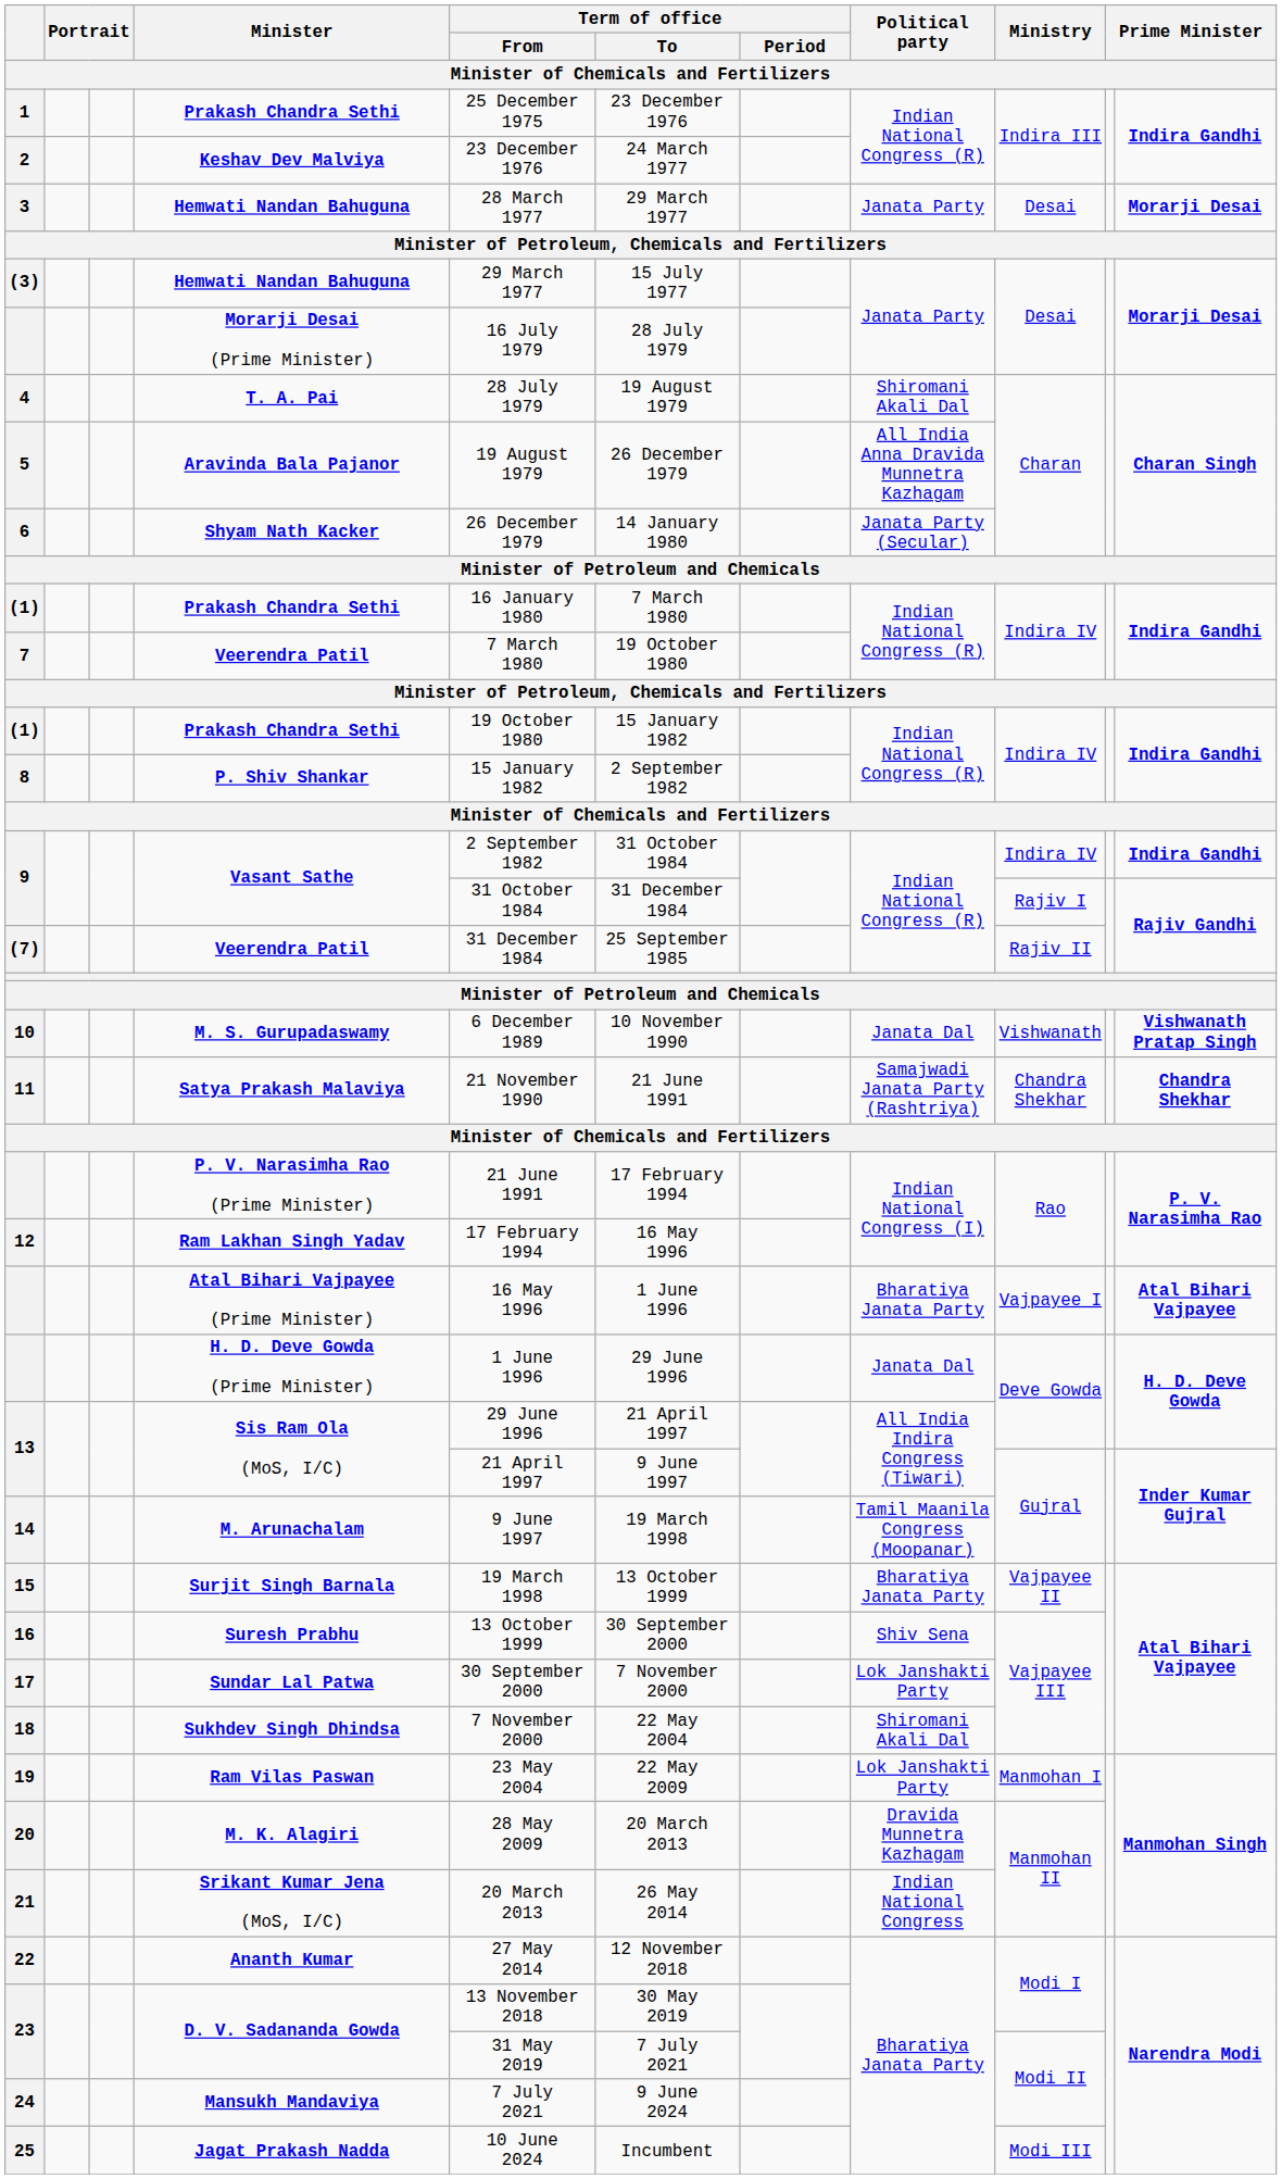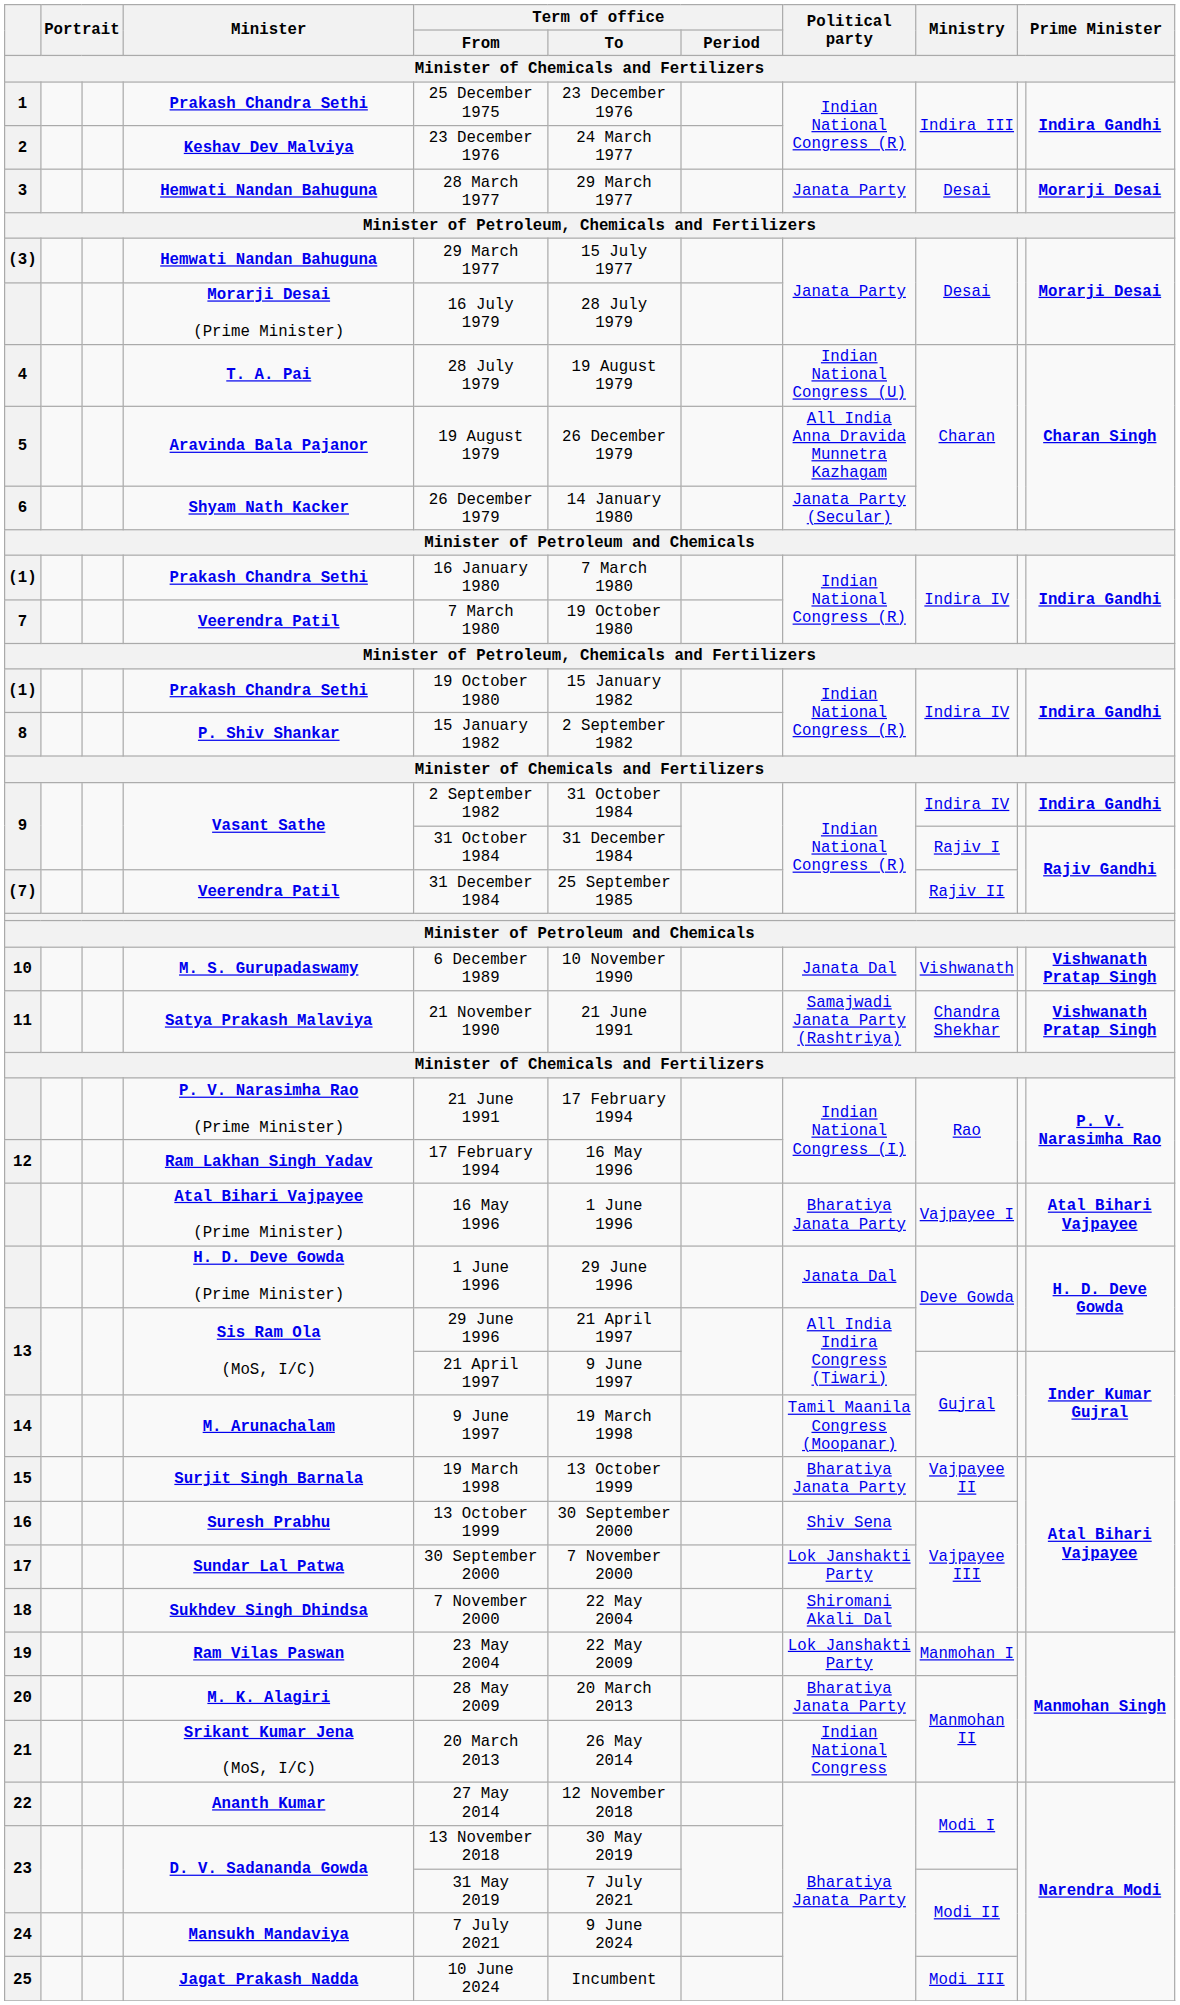 <table class="wikitable" style="text-align:center">
 <tr>
 <th rowspan="2"></th>
 <th rowspan="2" colspan="2">Portrait</th>
 <th rowspan="2" style="width:18em">Minister<br></th>
 <th colspan="3">Term of office</th>
 <th rowspan="2" style="width:8em">Political party</th>
 <th rowspan="2" style="width:6em">Ministry</th>
 <th rowspan="2" colspan="2">Prime Minister</th>
 </tr>
 <tr>
 <th style="width:8em">From</th>
 <th style="width:8em">To</th>
 <th style="width:6em">Period</th>
 </tr>
 <tr>
 <th colspan="11">Minister of Chemicals and Fertilizers</th>
 </tr>
 <tr>
 <th>1</th>
 <td></td>
 <td></td>
 <td><strong><a href='#'>Prakash Chandra Sethi</a></strong><br></td>
 <td>25 December<br>1975</td>
 <td>23 December<br>1976</td>
 <td><strong></strong></td>
 <td rowspan="2"><a href='#'>Indian National Congress (R)</a></td>
 <td rowspan="2"><a href='#'>Indira III</a></td>
 <td rowspan="2"></td>
 <td rowspan="2"><strong><a href='#'>Indira Gandhi</a></strong></td>
 </tr>
 <tr>
 <th>2</th>
 <td></td>
 <td></td>
 <td><strong><a href='#'>Keshav Dev Malviya</a></strong><br></td>
 <td>23 December<br>1976</td>
 <td>24 March<br>1977</td>
 <td><strong></strong></td>
 </tr>
 <tr>
 <th>3</th>
 <td></td>
 <td></td>
 <td><strong><a href='#'>Hemwati Nandan Bahuguna</a></strong><br></td>
 <td>28 March<br>1977</td>
 <td>29 March<br>1977</td>
 <td><strong></strong></td>
 <td><a href='#'>Janata Party</a></td>
 <td><a href='#'>Desai</a></td>
 <td></td>
 <td style="width:9em"><strong><a href='#'>Morarji Desai</a></strong></td>
 </tr>
 <tr>
 <th colspan="11">Minister of Petroleum, Chemicals and Fertilizers</th>
 </tr>
 <tr>
 <th>(3)</th>
 <td></td>
 <td></td>
 <td><strong><a href='#'>Hemwati Nandan Bahuguna</a></strong><br></td>
 <td>29 March<br>1977</td>
 <td>15 July<br>1977</td>
 <td><strong></strong></td>
 <td rowspan="2"><a href='#'>Janata Party</a></td>
 <td rowspan="2"><a href='#'>Desai</a></td>
 <td rowspan="2"></td>
 <td rowspan="2"><strong><a href='#'>Morarji Desai</a></strong></td>
 </tr>
 <tr>
 <th></th>
 <td style="background:"></td>
 <td></td>
 <td><strong><a href='#'>Morarji Desai</a></strong><br><br>(Prime Minister)</td>
 <td>16 July<br>1979</td>
 <td>28 July<br>1979</td>
 <td><strong></strong></td>
 </tr>
 <tr>
 <th>4</th>
 <td></td>
 <td></td>
 <td><strong><a href='#'>T. A. Pai</a></strong><br></td>
 <td>28 July<br>1979</td>
 <td>19 August<br>1979</td>
 <td><strong></strong></td>
-<td><a href='#'>Shiromani Akali Dal</a></td>
+<td><a href='#'>Indian National Congress (U)</a></td>
 <td rowspan="3"><a href='#'>Charan</a></td>
 <td rowspan="3"></td>
 <td rowspan="3"><strong><a href='#'>Charan Singh</a></strong></td>
 </tr>
 <tr>
 <th>5</th>
 <td></td>
 <td></td>
 <td><strong><a href='#'>Aravinda Bala Pajanor</a></strong><br></td>
 <td>19 August<br>1979</td>
 <td>26 December<br>1979</td>
 <td><strong></strong></td>
 <td><a href='#'>All India Anna Dravida Munnetra Kazhagam</a></td>
 </tr>
 <tr>
 <th>6</th>
 <td></td>
 <td></td>
 <td><strong><a href='#'>Shyam Nath Kacker</a></strong><br></td>
 <td>26 December<br>1979</td>
 <td>14 January<br>1980</td>
 <td><strong></strong></td>
 <td><a href='#'>Janata Party (Secular)</a></td>
 </tr>
 <tr>
 <th colspan="11">Minister of Petroleum and Chemicals</th>
 </tr>
 <tr>
 <th>(1)</th>
 <td></td>
 <td></td>
 <td><strong><a href='#'>Prakash Chandra Sethi</a></strong><br></td>
 <td>16 January<br>1980</td>
 <td>7 March<br>1980</td>
 <td><strong></strong></td>
 <td rowspan="2"><a href='#'>Indian National Congress (R)</a></td>
 <td rowspan="2"><a href='#'>Indira IV</a></td>
 <td rowspan="2"></td>
 <td rowspan="2"><strong><a href='#'>Indira Gandhi</a></strong></td>
 </tr>
 <tr>
 <th>7</th>
 <td></td>
 <td></td>
 <td><strong><a href='#'>Veerendra Patil</a></strong><br></td>
 <td>7 March<br>1980</td>
 <td>19 October<br>1980</td>
 <td><strong></strong></td>
 </tr>
 <tr>
 <th colspan="11">Minister of Petroleum, Chemicals and Fertilizers</th>
 </tr>
 <tr>
 <th>(1)</th>
 <td></td>
 <td></td>
 <td><strong><a href='#'>Prakash Chandra Sethi</a></strong><br></td>
 <td>19 October<br>1980</td>
 <td>15 January<br>1982</td>
 <td><strong></strong></td>
 <td rowspan="2"><a href='#'>Indian National Congress (R)</a></td>
 <td rowspan="2"><a href='#'>Indira IV</a></td>
 <td rowspan="2"></td>
 <td rowspan="2"><strong><a href='#'>Indira Gandhi</a></strong></td>
 </tr>
 <tr>
 <th>8</th>
 <td></td>
 <td></td>
 <td><strong><a href='#'>P. Shiv Shankar</a></strong><br></td>
 <td>15 January<br>1982</td>
 <td>2 September<br>1982</td>
 <td><strong></strong></td>
 </tr>
 <tr>
 <th colspan="11">Minister of Chemicals and Fertilizers</th>
 </tr>
 <tr>
 <th rowspan="2">9</th>
 <td rowspan="2"></td>
 <td rowspan="2"></td>
 <td rowspan="2"><strong><a href='#'>Vasant Sathe</a></strong><br></td>
 <td>2 September<br>1982</td>
 <td>31 October<br>1984</td>
 <td rowspan="2"><strong></strong></td>
 <td rowspan="3"><a href='#'>Indian National Congress (R)</a></td>
 <td><a href='#'>Indira IV</a></td>
 <td></td>
 <td><strong><a href='#'>Indira Gandhi</a></strong></td>
 </tr>
 <tr>
 <td>31 October<br>1984</td>
 <td>31 December<br>1984</td>
 <td><a href='#'>Rajiv I</a></td>
 <td rowspan="2"></td>
 <td rowspan="2"><strong><a href='#'>Rajiv Gandhi</a></strong></td>
 </tr>
 <tr>
 <th>(7)</th>
 <td></td>
 <td></td>
 <td><strong><a href='#'>Veerendra Patil</a></strong><br></td>
 <td>31 December<br>1984</td>
 <td>25 September<br>1985</td>
 <td><strong></strong></td>
 <td><a href='#'>Rajiv II</a></td>
 </tr>
 <tr>
 <th colspan="11"></th>
 </tr>
 <tr>
 <th colspan="11">Minister of Petroleum and Chemicals</th>
 </tr>
 <tr>
 <th>10</th>
 <td></td>
 <td></td>
 <td><strong><a href='#'>M. S. Gurupadaswamy</a></strong><br></td>
 <td>6 December<br>1989</td>
 <td>10 November<br>1990</td>
 <td><strong></strong></td>
 <td><a href='#'>Janata Dal</a></td>
 <td><a href='#'>Vishwanath</a></td>
 <td></td>
 <td><strong><a href='#'>Vishwanath Pratap Singh</a></strong></td>
 </tr>
 <tr>
 <th>11</th>
 <td></td>
 <td></td>
 <td><strong><a href='#'>Satya Prakash Malaviya</a></strong><br></td>
 <td>21 November<br>1990</td>
 <td>21 June<br>1991</td>
 <td><strong></strong></td>
 <td><a href='#'>Samajwadi Janata Party (Rashtriya)</a></td>
 <td><a href='#'>Chandra Shekhar</a></td>
 <td></td>
-<td><strong><a href='#'>Chandra Shekhar</a></strong></td>
+<td><strong><a href='#'>Vishwanath Pratap Singh</a></strong></td>
 </tr>
 <tr>
 <th colspan="11">Minister of Chemicals and Fertilizers</th>
 </tr>
 <tr>
 <th></th>
 <td></td>
 <td></td>
 <td><strong><a href='#'>P. V. Narasimha Rao</a></strong><br><br>(Prime Minister)</td>
 <td>21 June<br>1991</td>
 <td>17 February<br>1994</td>
 <td><strong></strong></td>
 <td rowspan="2"><a href='#'>Indian National Congress (I)</a></td>
 <td rowspan="2"><a href='#'>Rao</a></td>
 <td rowspan="2"></td>
 <td rowspan="2"><strong><a href='#'>P. V. Narasimha Rao</a></strong></td>
 </tr>
 <tr>
 <th>12</th>
 <td></td>
 <td></td>
 <td><strong><a href='#'>Ram Lakhan Singh Yadav</a></strong><br></td>
 <td>17 February<br>1994</td>
 <td>16 May<br>1996</td>
 <td><strong></strong></td>
 </tr>
 <tr>
 <th></th>
 <td></td>
 <td></td>
 <td><strong><a href='#'>Atal Bihari Vajpayee</a></strong><br><br>(Prime Minister)</td>
 <td>16 May<br>1996</td>
 <td>1 June<br>1996</td>
 <td><strong></strong></td>
 <td><a href='#'>Bharatiya Janata Party</a></td>
 <td><a href='#'>Vajpayee I</a></td>
 <td></td>
 <td><strong><a href='#'>Atal Bihari Vajpayee</a></strong></td>
 </tr>
 <tr>
 <th></th>
 <td></td>
 <td></td>
 <td><strong><a href='#'>H. D. Deve Gowda</a></strong><br><br>(Prime Minister)</td>
 <td>1 June<br>1996</td>
 <td>29 June<br>1996</td>
 <td><strong></strong></td>
 <td><a href='#'>Janata Dal</a></td>
 <td rowspan="2"><a href='#'>Deve Gowda</a></td>
 <td rowspan="2"></td>
 <td rowspan="2"><strong><a href='#'>H. D. Deve Gowda</a></strong></td>
 </tr>
 <tr>
 <th rowspan="2">13</th>
 <td rowspan="2"></td>
 <td rowspan="2"></td>
 <td rowspan="2"><strong><a href='#'>Sis Ram Ola</a></strong><br><br>(MoS, I/C)</td>
 <td>29 June<br>1996</td>
 <td>21 April<br>1997</td>
 <td rowspan="2"><strong></strong></td>
 <td rowspan="2"><a href='#'>All India Indira Congress (Tiwari)</a></td>
 </tr>
 <tr>
 <td>21 April<br>1997</td>
 <td>9 June<br>1997</td>
 <td rowspan="2"><a href='#'>Gujral</a></td>
 <td rowspan="2"></td>
 <td rowspan="2"><strong><a href='#'>Inder Kumar Gujral</a></strong></td>
 </tr>
 <tr>
 <th>14</th>
 <td></td>
 <td></td>
 <td><strong><a href='#'>M. Arunachalam</a></strong><br></td>
 <td>9 June<br>1997</td>
 <td>19 March<br>1998</td>
 <td><strong></strong></td>
 <td><a href='#'>Tamil Maanila Congress (Moopanar)</a></td>
 </tr>
 <tr>
 <th>15</th>
 <td></td>
 <td></td>
 <td><strong><a href='#'>Surjit Singh Barnala</a></strong><br></td>
 <td>19 March<br>1998</td>
 <td>13 October<br>1999</td>
 <td><strong></strong></td>
 <td><a href='#'>Bharatiya Janata Party</a></td>
 <td><a href='#'>Vajpayee II</a></td>
 <td rowspan="4"></td>
 <td rowspan="4"><strong><a href='#'>Atal Bihari Vajpayee</a></strong></td>
 </tr>
 <tr>
 <th>16</th>
 <td></td>
 <td></td>
 <td><strong><a href='#'>Suresh Prabhu</a></strong><br></td>
 <td>13 October<br>1999</td>
 <td>30 September<br>2000</td>
 <td><strong></strong></td>
 <td><a href='#'>Shiv Sena</a></td>
 <td rowspan="3"><a href='#'>Vajpayee III</a></td>
 </tr>
 <tr>
 <th>17</th>
 <td></td>
 <td></td>
 <td><strong><a href='#'>Sundar Lal Patwa</a></strong><br></td>
 <td>30 September<br>2000</td>
 <td>7 November<br>2000</td>
 <td><strong></strong></td>
 <td><a href='#'>Lok Janshakti Party</a></td>
 </tr>
 <tr>
 <th>18</th>
 <td></td>
 <td></td>
 <td><strong><a href='#'>Sukhdev Singh Dhindsa</a></strong><br></td>
 <td>7 November<br>2000</td>
 <td>22 May<br>2004</td>
 <td><strong></strong></td>
 <td><a href='#'>Shiromani Akali Dal</a></td>
 </tr>
 <tr>
 <th>19</th>
 <td></td>
 <td></td>
 <td><strong><a href='#'>Ram Vilas Paswan</a></strong><br></td>
 <td>23 May<br>2004</td>
 <td>22 May<br>2009</td>
 <td><strong></strong></td>
 <td><a href='#'>Lok Janshakti Party</a></td>
 <td><a href='#'>Manmohan I</a></td>
 <td rowspan="3"></td>
 <td rowspan="3"><strong><a href='#'>Manmohan Singh</a></strong></td>
 </tr>
 <tr>
 <th>20</th>
 <td></td>
 <td></td>
 <td><strong><a href='#'>M. K. Alagiri</a></strong><br></td>
 <td>28 May<br>2009</td>
 <td>20 March<br>2013</td>
 <td><strong></strong></td>
-<td><a href='#'>Dravida Munnetra Kazhagam</a></td>
+<td><a href='#'>Bharatiya Janata Party</a></td>
 <td rowspan="2"><a href='#'>Manmohan II</a></td>
 </tr>
 <tr>
 <th>21</th>
 <td></td>
 <td></td>
 <td><strong><a href='#'>Srikant Kumar Jena</a></strong><br><br>(MoS, I/C)</td>
 <td>20 March<br>2013</td>
 <td>26 May<br>2014</td>
 <td><strong></strong></td>
 <td><a href='#'>Indian National Congress</a></td>
 </tr>
 <tr>
 <th>22</th>
 <td></td>
 <td></td>
 <td><strong><a href='#'>Ananth Kumar</a></strong><br></td>
 <td>27 May<br>2014</td>
 <td>12 November<br>2018<br></td>
 <td><strong></strong></td>
 <td rowspan="5"><a href='#'>Bharatiya Janata Party</a></td>
 <td rowspan="2"><a href='#'>Modi I</a></td>
 <td rowspan="5"></td>
 <td rowspan="5"><strong><a href='#'>Narendra Modi</a></strong></td>
 </tr>
 <tr>
 <th rowspan="2">23</th>
 <td rowspan="2"></td>
 <td rowspan="2"></td>
 <td rowspan="2"><strong><a href='#'>D. V. Sadananda Gowda</a></strong><br></td>
 <td>13 November<br>2018</td>
 <td>30 May<br>2019</td>
 <td rowspan="2"><strong></strong></td>
 </tr>
 <tr>
 <td>31 May<br>2019</td>
 <td>7 July<br>2021</td>
 <td rowspan="2"><a href='#'>Modi II</a></td>
 </tr>
 <tr>
 <th>24</th>
 <td></td>
 <td></td>
 <td><strong><a href='#'>Mansukh Mandaviya</a></strong><br></td>
 <td>7 July<br>2021</td>
 <td>9 June<br>2024</td>
 <td><strong></strong></td>
 </tr>
 <tr>
 <th>25</th>
 <td></td>
 <td></td>
 <td><strong><a href='#'>Jagat Prakash Nadda</a></strong><br></td>
 <td>10 June<br>2024</td>
 <td>Incumbent</td>
 <td><strong></strong></td>
 <td><a href='#'>Modi III</a></td>
 </tr>
 <tr>
 </tr>
 </table>
